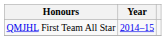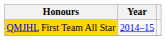 <table class="wikitable">
 <tr>
 <th>Honours</th>
 <th>Year</th>
 <th></th>
 </tr>
 <tr>
-<td><a href='#'>QMJHL</a> First Team All Star</td>
+<td style="background: gold;"><a href='#'>QMJHL</a> First Team All Star</td>
 <td><a href='#'>2014–15</a></td>
 <td></td>
 </tr>
 <tr>
 </tr>
 </table>
